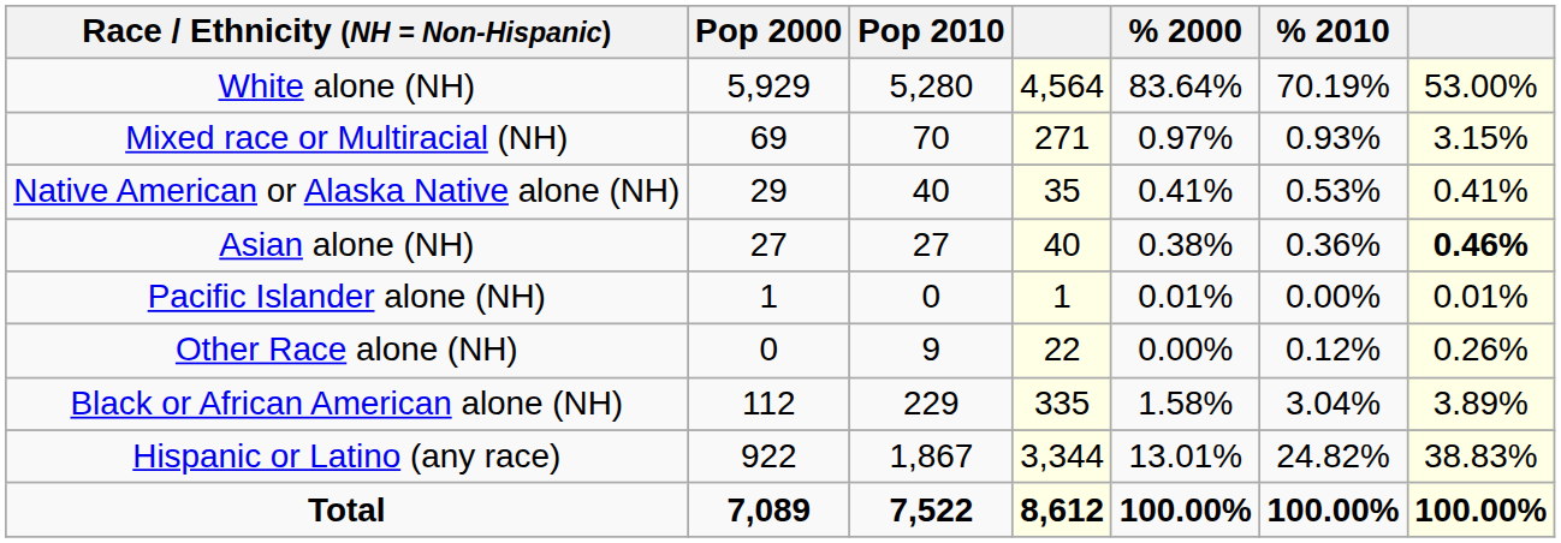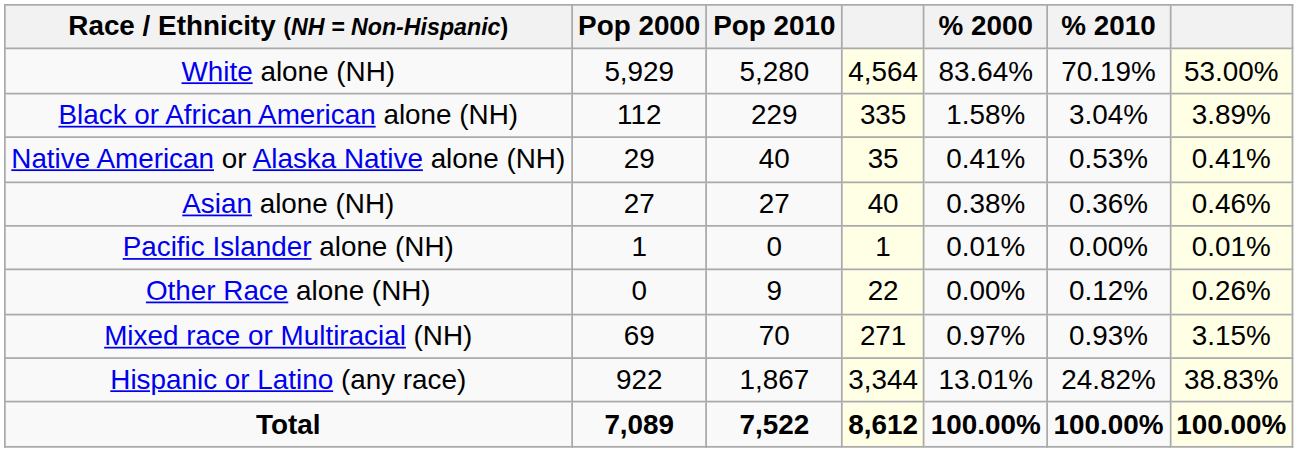 <table class="wikitable" style="text-align:center;">
 <tr>
 <th>Race / Ethnicity <small>(<em>NH = Non-Hispanic</em>)</small></th>
 <th>Pop 2000</th>
 <th>Pop 2010</th>
 <th></th>
 <th>% 2000</th>
 <th>% 2010</th>
 <th></th>
 </tr>
 <tr>
 <td><a href='#'>White</a> alone (NH)</td>
 <td>5,929</td>
 <td>5,280</td>
 <td style='background: #ffffe6;'>4,564</td>
 <td>83.64%</td>
 <td>70.19%</td>
 <td style='background: #ffffe6;'>53.00%</td>
 </tr>
 <tr>
-<td><a href='#'>Mixed race or Multiracial</a> (NH)</td>
-<td>69</td>
-<td>70</td>
-<td style='background: #ffffe6;'>271</td>
-<td>0.97%</td>
-<td>0.93%</td>
-<td style='background: #ffffe6;'>3.15%</td>
+<td><a href='#'>Black or African American</a> alone (NH)</td>
+<td>112</td>
+<td>229</td>
+<td style='background: #ffffe6;'>335</td>
+<td>1.58%</td>
+<td>3.04%</td>
+<td style='background: #ffffe6;'>3.89%</td>
 </tr>
 <tr>
 <td><a href='#'>Native American</a> or <a href='#'>Alaska Native</a> alone (NH)</td>
 <td>29</td>
 <td>40</td>
 <td style='background: #ffffe6;'>35</td>
 <td>0.41%</td>
 <td>0.53%</td>
 <td style='background: #ffffe6;'>0.41%</td>
 </tr>
 <tr>
 <td><a href='#'>Asian</a> alone (NH)</td>
 <td>27</td>
 <td>27</td>
 <td style='background: #ffffe6;'>40</td>
 <td>0.38%</td>
 <td>0.36%</td>
-<td style='background: #ffffe6;'><strong>0.46%</strong></td>
+<td style='background: #ffffe6;'>0.46%</td>
 </tr>
 <tr>
 <td><a href='#'>Pacific Islander</a> alone (NH)</td>
 <td>1</td>
 <td>0</td>
 <td style='background: #ffffe6;'>1</td>
 <td>0.01%</td>
 <td>0.00%</td>
 <td style='background: #ffffe6;'>0.01%</td>
 </tr>
 <tr>
 <td><a href='#'>Other Race</a> alone (NH)</td>
 <td>0</td>
 <td>9</td>
 <td style='background: #ffffe6;'>22</td>
 <td>0.00%</td>
 <td>0.12%</td>
 <td style='background: #ffffe6;'>0.26%</td>
 </tr>
 <tr>
-<td><a href='#'>Black or African American</a> alone (NH)</td>
-<td>112</td>
-<td>229</td>
-<td style='background: #ffffe6;'>335</td>
-<td>1.58%</td>
-<td>3.04%</td>
-<td style='background: #ffffe6;'>3.89%</td>
+<td><a href='#'>Mixed race or Multiracial</a> (NH)</td>
+<td>69</td>
+<td>70</td>
+<td style='background: #ffffe6;'>271</td>
+<td>0.97%</td>
+<td>0.93%</td>
+<td style='background: #ffffe6;'>3.15%</td>
 </tr>
 <tr>
 <td><a href='#'>Hispanic or Latino</a> (any race)</td>
 <td>922</td>
 <td>1,867</td>
 <td style='background: #ffffe6;'>3,344</td>
 <td>13.01%</td>
 <td>24.82%</td>
 <td style='background: #ffffe6;'>38.83%</td>
 </tr>
 <tr>
 <td><strong>Total</strong></td>
 <td><strong>7,089</strong></td>
 <td><strong>7,522</strong></td>
 <td style='background: #ffffe6;'><strong>8,612</strong></td>
 <td><strong>100.00%</strong></td>
 <td><strong>100.00%</strong></td>
 <td style='background: #ffffe6;'><strong>100.00%</strong></td>
 </tr>
 </table>
